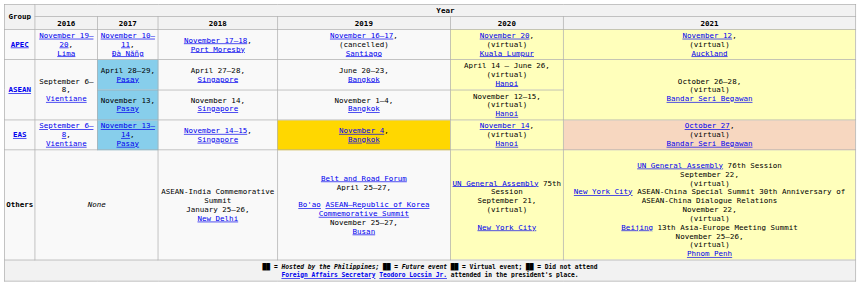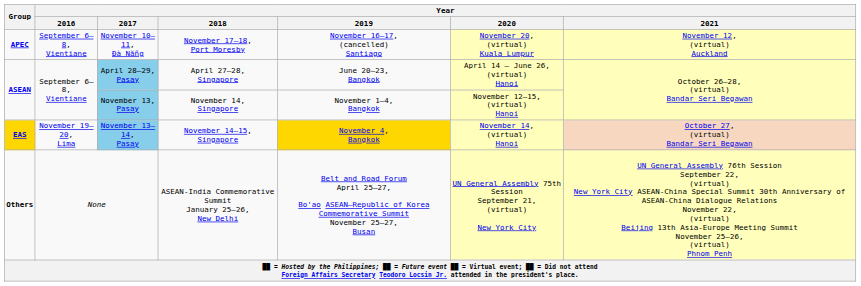 <table class="wikitable" style="font-size:85%; text-align:center;">
 <tr>
 <th rowspan="2">Group</th>
 <th colspan="7">Year</th>
 </tr>
 <tr>
 <th>2016</th>
 <th>2017</th>
 <th>2018</th>
 <th>2019</th>
 <th>2020</th>
 <th>2021</th>
 </tr>
 <tr>
 <td><strong><a href='#'>APEC</a></strong></td>
-<td><a href='#'>November 19–20</a>,<br> <a href='#'>Lima</a></td>
+<td><a href='#'>September 6–8</a>,<br> <a href='#'>Vientiane</a></td>
 <td><a href='#'>November 10–11</a>,<br> <a href='#'>Đà Nẵng</a></td>
 <td><a href='#'>November 17–18</a>,<br> <a href='#'>Port Moresby</a></td>
 <td><a href='#'>November 16–17</a>,<br>(cancelled)<br> <a href='#'>Santiago</a></td>
 <td style="background:#ffb;"><a href='#'>November 20</a>,<br>(virtual)<br> <a href='#'>Kuala Lumpur</a></td>
 <td style="background:#ffb;"><a href='#'>November 12</a>,<br>(virtual)<br> <a href='#'>Auckland</a></td>
 </tr>
 <tr>
 <td rowspan="2"><strong><a href='#'>ASEAN</a></strong></td>
 <td rowspan="2">September 6–8,<br> <a href='#'>Vientiane</a></td>
 <td style="background:#87ceeb;">April 28–29,<br> <a href='#'>Pasay</a></td>
 <td>April 27–28,<br> <a href='#'>Singapore</a></td>
 <td>June 20–23,<br> <a href='#'>Bangkok</a></td>
 <td style="background:#ffb;">April 14 – June 26,<br>(virtual)<br> <a href='#'>Hanoi</a></td>
 <td style="background:#ffb;" rowspan="2">October 26–28,<br>(virtual)<br> <a href='#'>Bandar Seri Begawan</a></td>
 </tr>
 <tr>
 <td style="background:#87ceeb;">November 13,<br> <a href='#'>Pasay</a></td>
 <td>November 14,<br> <a href='#'>Singapore</a></td>
 <td>November 1–4,<br> <a href='#'>Bangkok</a></td>
 <td style="background:#ffb;">November 12–15,<br>(virtual)<br> <a href='#'>Hanoi</a></td>
 </tr>
 <tr>
-<td><strong><a href='#'>EAS</a></strong></td>
-<td><a href='#'>September 6–8</a>,<br> <a href='#'>Vientiane</a></td>
+<td style="background: gold;"><strong><a href='#'>EAS</a></strong></td>
+<td><a href='#'>November 19–20</a>,<br> <a href='#'>Lima</a></td>
 <td style="background:#87ceeb;"><a href='#'>November 13–14</a>,<br> <a href='#'>Pasay</a></td>
 <td><a href='#'>November 14–15</a>,<br> <a href='#'>Singapore</a></td>
 <td style="background: gold;"><a href='#'>November 4</a>,<br> <a href='#'>Bangkok</a></td>
 <td style="background:#ffb;"><a href='#'>November 14</a>,<br>(virtual)<br> <a href='#'>Hanoi</a></td>
 <td style="background:#f7d7c0;"><a href='#'>October 27</a>,<br>(virtual)<br> <a href='#'>Bandar Seri Begawan</a><br></td>
 </tr>
 <tr>
 <td><strong>Others</strong></td>
 <td colspan="2"><em>None</em></td>
 <td>ASEAN-India Commemorative Summit<br>January 25–26,<br> <a href='#'>New Delhi</a></td>
 <td><a href='#'>Belt and Road Forum</a><br>April 25–27,<br><br> <a href='#'>Bo'ao</a> <a href='#'>ASEAN–Republic of Korea Commemorative Summit</a><br>November 25–27,<br>  <a href='#'>Busan</a></td>
 <td style="background:#ffb;"><a href='#'>UN General Assembly</a> 75th Session<br>September 21,<br>(virtual)<br><br> <a href='#'>New York City</a></td>
 <td style="background:#ffb;"><br><a href='#'>UN General Assembly</a> 76th Session<br>September 22,<br>(virtual)<br>  <a href='#'>New York City</a>  ASEAN-China Special Summit 30th Anniversary of ASEAN-China Dialogue Relations<br>November 22,<br>(virtual)<br>  <a href='#'>Beijing</a> 13th Asia-Europe Meeting Summit<br>November 25–26,<br>(virtual)<br>  <a href='#'>Phnom Penh</a></td>
 </tr>
 <tr>
 <th colspan="7"><small><em><span>██</span> = Hosted by the Philippines; <span>██</span> = Future event</em> <span>██</span> = Virtual event; <span>██</span> = Did not attend </small> <br><small> <a href='#'>Foreign Affairs Secretary</a> <a href='#'>Teodoro Locsin Jr.</a> attended in the president's place.</small></th>
 </tr>
 </table>
